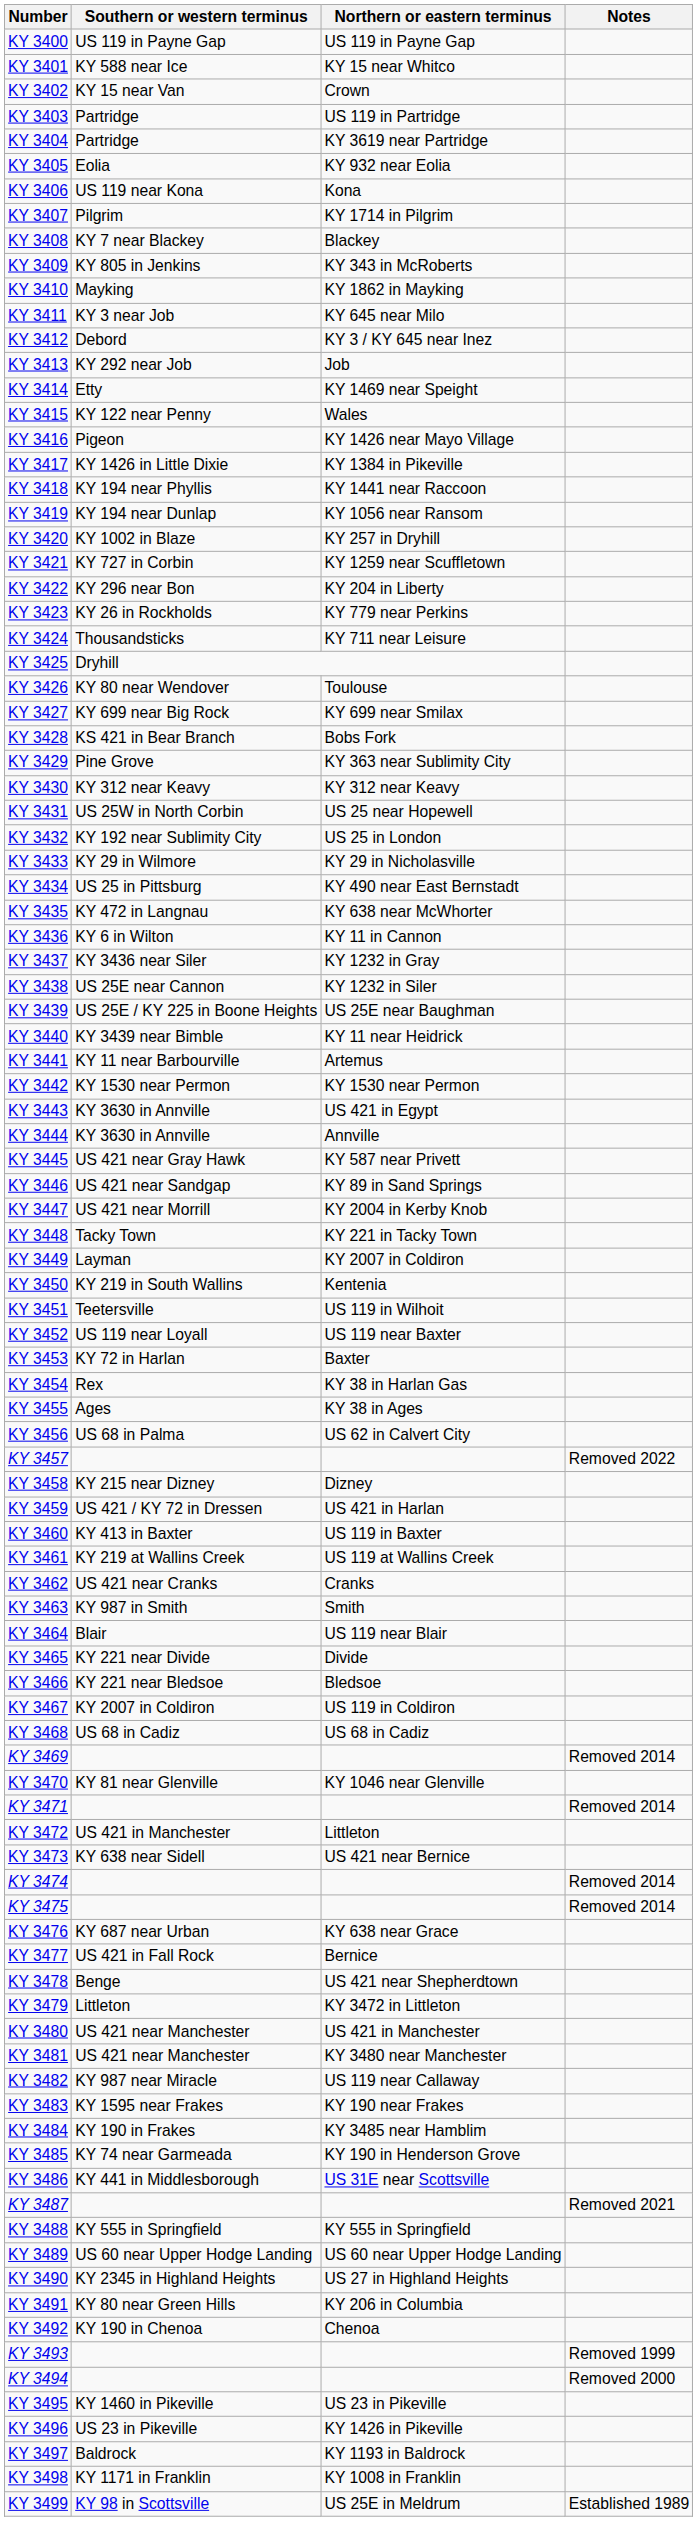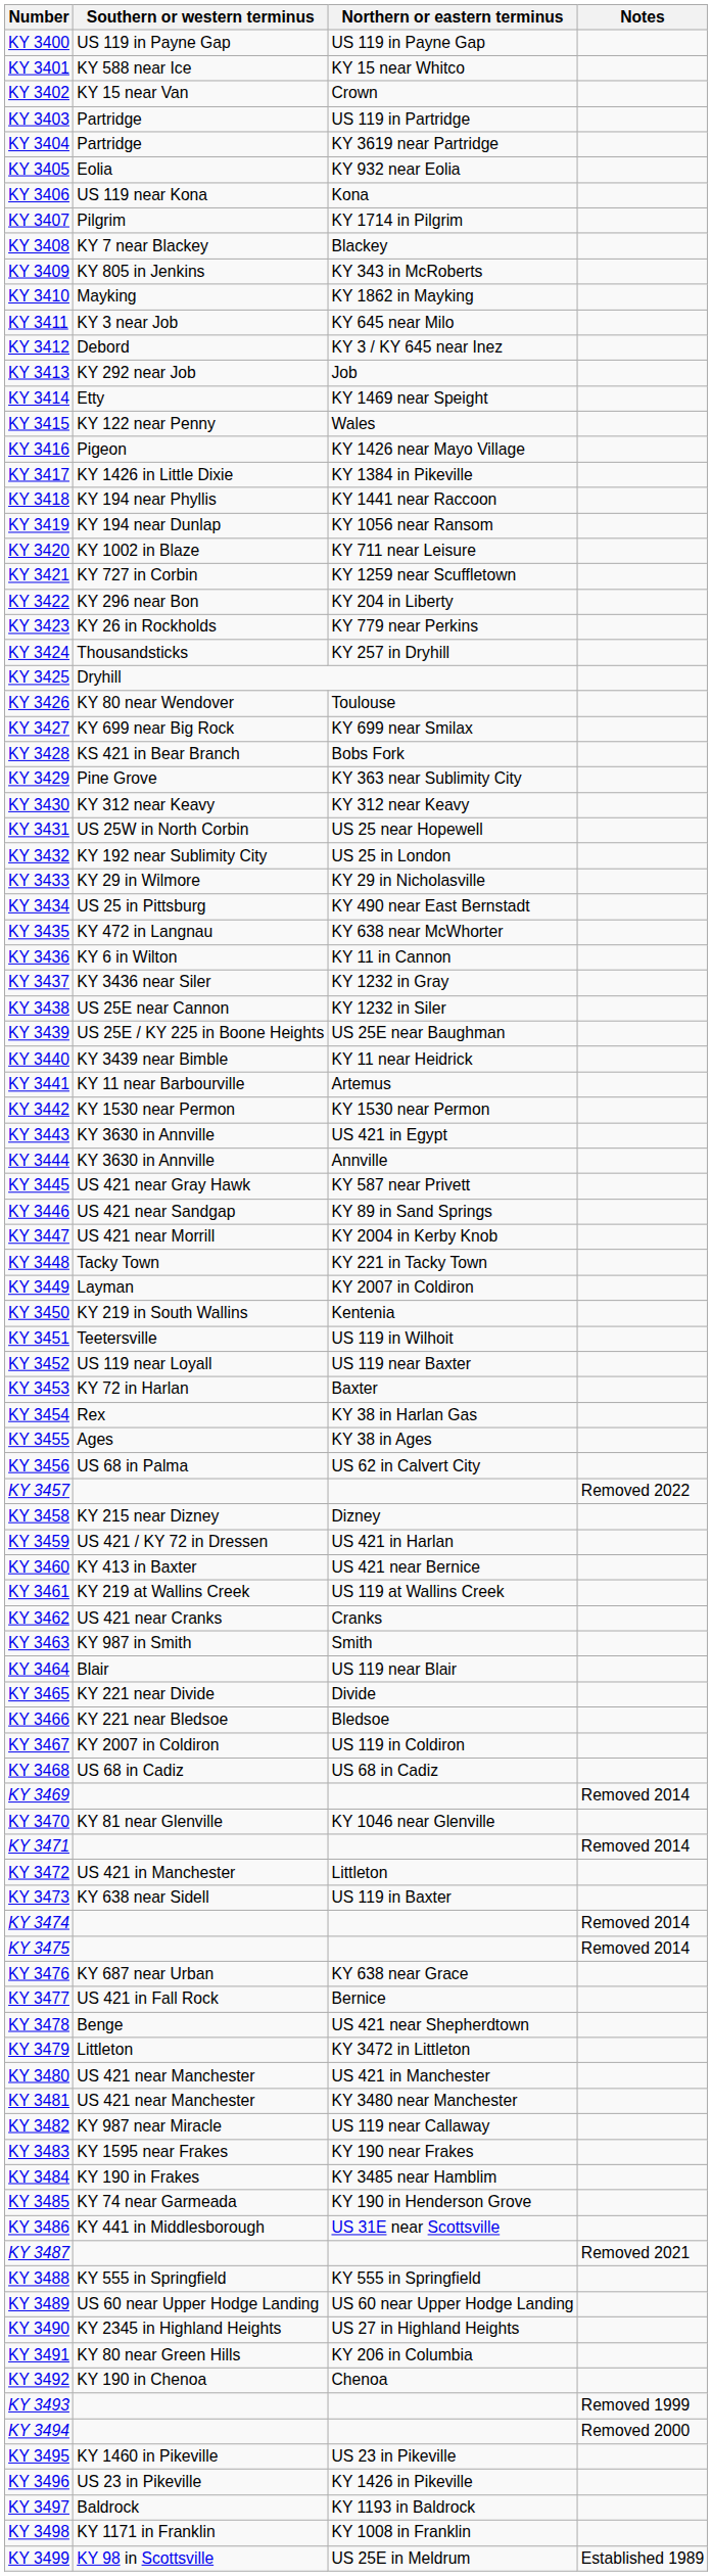 <table class="wikitable sortable mw-collapsible">
 <tr>
 <th>Number</th>
 <th>Southern or western terminus</th>
 <th>Northern or eastern terminus</th>
 <th>Notes</th>
 </tr>
 <tr>
 <td> <a href='#'>KY 3400</a></td>
 <td>US 119 in Payne Gap</td>
 <td>US 119 in Payne Gap</td>
 <td></td>
 </tr>
 <tr>
 <td> <a href='#'>KY 3401</a></td>
 <td>KY 588 near Ice</td>
 <td>KY 15 near Whitco</td>
 <td></td>
 </tr>
 <tr>
 <td> <a href='#'>KY 3402</a></td>
 <td>KY 15 near Van</td>
 <td>Crown</td>
 <td></td>
 </tr>
 <tr>
 <td> <a href='#'>KY 3403</a></td>
 <td>Partridge</td>
 <td>US 119 in Partridge</td>
 <td></td>
 </tr>
 <tr>
 <td> <a href='#'>KY 3404</a></td>
 <td>Partridge</td>
 <td>KY 3619 near Partridge</td>
 <td></td>
 </tr>
 <tr>
 <td> <a href='#'>KY 3405</a></td>
 <td>Eolia</td>
 <td>KY 932 near Eolia</td>
 <td></td>
 </tr>
 <tr>
 <td> <a href='#'>KY 3406</a></td>
 <td>US 119 near Kona</td>
 <td>Kona</td>
 <td></td>
 </tr>
 <tr>
 <td> <a href='#'>KY 3407</a></td>
 <td>Pilgrim</td>
 <td>KY 1714 in Pilgrim</td>
 <td></td>
 </tr>
 <tr>
 <td> <a href='#'>KY 3408</a></td>
 <td>KY 7 near Blackey</td>
 <td>Blackey</td>
 <td></td>
 </tr>
 <tr>
 <td> <a href='#'>KY 3409</a></td>
 <td>KY 805 in Jenkins</td>
 <td>KY 343 in McRoberts</td>
 <td></td>
 </tr>
 <tr>
 <td> <a href='#'>KY 3410</a></td>
 <td>Mayking</td>
 <td>KY 1862 in Mayking</td>
 <td></td>
 </tr>
 <tr>
 <td> <a href='#'>KY 3411</a></td>
 <td>KY 3 near Job</td>
 <td>KY 645 near Milo</td>
 <td></td>
 </tr>
 <tr>
 <td> <a href='#'>KY 3412</a></td>
 <td>Debord</td>
 <td>KY 3 / KY 645 near Inez</td>
 <td></td>
 </tr>
 <tr>
 <td> <a href='#'>KY 3413</a></td>
 <td>KY 292 near Job</td>
 <td>Job</td>
 <td></td>
 </tr>
 <tr>
 <td> <a href='#'>KY 3414</a></td>
 <td>Etty</td>
 <td>KY 1469 near Speight</td>
 <td></td>
 </tr>
 <tr>
 <td> <a href='#'>KY 3415</a></td>
 <td>KY 122 near Penny</td>
 <td>Wales</td>
 <td></td>
 </tr>
 <tr>
 <td> <a href='#'>KY 3416</a></td>
 <td>Pigeon</td>
 <td>KY 1426 near Mayo Village</td>
 <td></td>
 </tr>
 <tr>
 <td> <a href='#'>KY 3417</a></td>
 <td>KY 1426 in Little Dixie</td>
 <td>KY 1384 in Pikeville</td>
 <td></td>
 </tr>
 <tr>
 <td> <a href='#'>KY 3418</a></td>
 <td>KY 194 near Phyllis</td>
 <td>KY 1441 near Raccoon</td>
 <td></td>
 </tr>
 <tr>
 <td> <a href='#'>KY 3419</a></td>
 <td>KY 194 near Dunlap</td>
 <td>KY 1056 near Ransom</td>
 <td></td>
 </tr>
 <tr>
 <td> <a href='#'>KY 3420</a></td>
 <td>KY 1002 in Blaze</td>
-<td>KY 257 in Dryhill</td>
+<td>KY 711 near Leisure</td>
 <td></td>
 </tr>
 <tr>
 <td> <a href='#'>KY 3421</a></td>
 <td>KY 727 in Corbin</td>
 <td>KY 1259 near Scuffletown</td>
 <td></td>
 </tr>
 <tr>
 <td> <a href='#'>KY 3422</a></td>
 <td>KY 296 near Bon</td>
 <td>KY 204 in Liberty</td>
 <td></td>
 </tr>
 <tr>
 <td> <a href='#'>KY 3423</a></td>
 <td>KY 26 in Rockholds</td>
 <td>KY 779 near Perkins</td>
 <td></td>
 </tr>
 <tr>
 <td> <a href='#'>KY 3424</a></td>
 <td>Thousandsticks</td>
-<td>KY 711 near Leisure</td>
+<td>KY 257 in Dryhill</td>
 <td></td>
 </tr>
 <tr>
 <td> <a href='#'>KY 3425</a></td>
 <td colspan="2">Dryhill</td>
 <td></td>
 </tr>
 <tr>
 <td> <a href='#'>KY 3426</a></td>
 <td>KY 80 near Wendover</td>
 <td>Toulouse</td>
 <td></td>
 </tr>
 <tr>
 <td> <a href='#'>KY 3427</a></td>
 <td>KY 699 near Big Rock</td>
 <td>KY 699 near Smilax</td>
 <td></td>
 </tr>
 <tr>
 <td> <a href='#'>KY 3428</a></td>
 <td>KS 421 in Bear Branch</td>
 <td>Bobs Fork</td>
 <td></td>
 </tr>
 <tr>
 <td> <a href='#'>KY 3429</a></td>
 <td>Pine Grove</td>
 <td>KY 363 near Sublimity City</td>
 <td></td>
 </tr>
 <tr>
 <td> <a href='#'>KY 3430</a></td>
 <td>KY 312 near Keavy</td>
 <td>KY 312 near Keavy</td>
 <td></td>
 </tr>
 <tr>
 <td> <a href='#'>KY 3431</a></td>
 <td>US 25W in North Corbin</td>
 <td>US 25 near Hopewell</td>
 <td></td>
 </tr>
 <tr>
 <td> <a href='#'>KY 3432</a></td>
 <td>KY 192 near Sublimity City</td>
 <td>US 25 in London</td>
 <td></td>
 </tr>
 <tr>
 <td> <a href='#'>KY 3433</a></td>
 <td>KY 29 in Wilmore</td>
 <td>KY 29 in Nicholasville</td>
 <td></td>
 </tr>
 <tr>
 <td> <a href='#'>KY 3434</a></td>
 <td>US 25 in Pittsburg</td>
 <td>KY 490 near East Bernstadt</td>
 <td></td>
 </tr>
 <tr>
 <td> <a href='#'>KY 3435</a></td>
 <td>KY 472 in Langnau</td>
 <td>KY 638 near McWhorter</td>
 <td></td>
 </tr>
 <tr>
 <td> <a href='#'>KY 3436</a></td>
 <td>KY 6 in Wilton</td>
 <td>KY 11 in Cannon</td>
 <td></td>
 </tr>
 <tr>
 <td> <a href='#'>KY 3437</a></td>
 <td>KY 3436 near Siler</td>
 <td>KY 1232 in Gray</td>
 <td></td>
 </tr>
 <tr>
 <td> <a href='#'>KY 3438</a></td>
 <td>US 25E near Cannon</td>
 <td>KY 1232 in Siler</td>
 <td></td>
 </tr>
 <tr>
 <td> <a href='#'>KY 3439</a></td>
 <td>US 25E / KY 225 in Boone Heights</td>
 <td>US 25E near Baughman</td>
 <td></td>
 </tr>
 <tr>
 <td> <a href='#'>KY 3440</a></td>
 <td>KY 3439 near Bimble</td>
 <td>KY 11 near Heidrick</td>
 <td></td>
 </tr>
 <tr>
 <td> <a href='#'>KY 3441</a></td>
 <td>KY 11 near Barbourville</td>
 <td>Artemus</td>
 <td></td>
 </tr>
 <tr>
 <td> <a href='#'>KY 3442</a></td>
 <td>KY 1530 near Permon</td>
 <td>KY 1530 near Permon</td>
 <td></td>
 </tr>
 <tr>
 <td> <a href='#'>KY 3443</a></td>
 <td>KY 3630 in Annville</td>
 <td>US 421 in Egypt</td>
 <td></td>
 </tr>
 <tr>
 <td> <a href='#'>KY 3444</a></td>
 <td>KY 3630 in Annville</td>
 <td>Annville</td>
 <td></td>
 </tr>
 <tr>
 <td> <a href='#'>KY 3445</a></td>
 <td>US 421 near Gray Hawk</td>
 <td>KY 587 near Privett</td>
 <td></td>
 </tr>
 <tr>
 <td> <a href='#'>KY 3446</a></td>
 <td>US 421 near Sandgap</td>
 <td>KY 89 in Sand Springs</td>
 <td></td>
 </tr>
 <tr>
 <td> <a href='#'>KY 3447</a></td>
 <td>US 421 near Morrill</td>
 <td>KY 2004 in Kerby Knob</td>
 <td></td>
 </tr>
 <tr>
 <td> <a href='#'>KY 3448</a></td>
 <td>Tacky Town</td>
 <td>KY 221 in Tacky Town</td>
 <td></td>
 </tr>
 <tr>
 <td> <a href='#'>KY 3449</a></td>
 <td>Layman</td>
 <td>KY 2007 in Coldiron</td>
 <td></td>
 </tr>
 <tr>
 <td> <a href='#'>KY 3450</a></td>
 <td>KY 219 in South Wallins</td>
 <td>Kentenia</td>
 <td></td>
 </tr>
 <tr>
 <td> <a href='#'>KY 3451</a></td>
 <td>Teetersville</td>
 <td>US 119 in Wilhoit</td>
 <td></td>
 </tr>
 <tr>
 <td> <a href='#'>KY 3452</a></td>
 <td>US 119 near Loyall</td>
 <td>US 119 near Baxter</td>
 <td></td>
 </tr>
 <tr>
 <td> <a href='#'>KY 3453</a></td>
 <td>KY 72 in Harlan</td>
 <td>Baxter</td>
 <td></td>
 </tr>
 <tr>
 <td> <a href='#'>KY 3454</a></td>
 <td>Rex</td>
 <td>KY 38 in Harlan Gas</td>
 <td></td>
 </tr>
 <tr>
 <td> <a href='#'>KY 3455</a></td>
 <td>Ages</td>
 <td>KY 38 in Ages</td>
 <td></td>
 </tr>
 <tr>
 <td> <a href='#'>KY 3456</a></td>
 <td>US 68 in Palma</td>
 <td>US 62 in Calvert City</td>
 <td></td>
 </tr>
 <tr>
 <td><em> <a href='#'>KY 3457</a></em></td>
 <td></td>
 <td></td>
 <td>Removed 2022</td>
 </tr>
 <tr>
 <td> <a href='#'>KY 3458</a></td>
 <td>KY 215 near Dizney</td>
 <td>Dizney</td>
 <td></td>
 </tr>
 <tr>
 <td> <a href='#'>KY 3459</a></td>
 <td>US 421 / KY 72 in Dressen</td>
 <td>US 421 in Harlan</td>
 <td></td>
 </tr>
 <tr>
 <td> <a href='#'>KY 3460</a></td>
 <td>KY 413 in Baxter</td>
-<td>US 119 in Baxter</td>
+<td>US 421 near Bernice</td>
 <td></td>
 </tr>
 <tr>
 <td> <a href='#'>KY 3461</a></td>
 <td>KY 219 at Wallins Creek</td>
 <td>US 119 at Wallins Creek</td>
 <td></td>
 </tr>
 <tr>
 <td> <a href='#'>KY 3462</a></td>
 <td>US 421 near Cranks</td>
 <td>Cranks</td>
 <td></td>
 </tr>
 <tr>
 <td> <a href='#'>KY 3463</a></td>
 <td>KY 987 in Smith</td>
 <td>Smith</td>
 <td></td>
 </tr>
 <tr>
 <td> <a href='#'>KY 3464</a></td>
 <td>Blair</td>
 <td>US 119 near Blair</td>
 <td></td>
 </tr>
 <tr>
 <td> <a href='#'>KY 3465</a></td>
 <td>KY 221 near Divide</td>
 <td>Divide</td>
 <td></td>
 </tr>
 <tr>
 <td> <a href='#'>KY 3466</a></td>
 <td>KY 221 near Bledsoe</td>
 <td>Bledsoe</td>
 <td></td>
 </tr>
 <tr>
 <td> <a href='#'>KY 3467</a></td>
 <td>KY 2007 in Coldiron</td>
 <td>US 119 in Coldiron</td>
 <td></td>
 </tr>
 <tr>
 <td> <a href='#'>KY 3468</a></td>
 <td>US 68 in Cadiz</td>
 <td>US 68 in Cadiz</td>
 <td></td>
 </tr>
 <tr>
 <td><em> <a href='#'>KY 3469</a></em></td>
 <td></td>
 <td></td>
 <td>Removed 2014</td>
 </tr>
 <tr>
 <td> <a href='#'>KY 3470</a></td>
 <td>KY 81 near Glenville</td>
 <td>KY 1046 near Glenville</td>
 <td></td>
 </tr>
 <tr>
 <td><em> <a href='#'>KY 3471</a></em></td>
 <td></td>
 <td></td>
 <td>Removed 2014</td>
 </tr>
 <tr>
 <td> <a href='#'>KY 3472</a></td>
 <td>US 421 in Manchester</td>
 <td>Littleton</td>
 <td></td>
 </tr>
 <tr>
 <td> <a href='#'>KY 3473</a></td>
 <td>KY 638 near Sidell</td>
-<td>US 421 near Bernice</td>
+<td>US 119 in Baxter</td>
 <td></td>
 </tr>
 <tr>
 <td><em> <a href='#'>KY 3474</a></em></td>
 <td></td>
 <td></td>
 <td>Removed 2014</td>
 </tr>
 <tr>
 <td><em> <a href='#'>KY 3475</a></em></td>
 <td></td>
 <td></td>
 <td>Removed 2014</td>
 </tr>
 <tr>
 <td> <a href='#'>KY 3476</a></td>
 <td>KY 687 near Urban</td>
 <td>KY 638 near Grace</td>
 <td></td>
 </tr>
 <tr>
 <td> <a href='#'>KY 3477</a></td>
 <td>US 421 in Fall Rock</td>
 <td>Bernice</td>
 <td></td>
 </tr>
 <tr>
 <td> <a href='#'>KY 3478</a></td>
 <td>Benge</td>
 <td>US 421 near Shepherdtown</td>
 <td></td>
 </tr>
 <tr>
 <td> <a href='#'>KY 3479</a></td>
 <td>Littleton</td>
 <td>KY 3472 in Littleton</td>
 <td></td>
 </tr>
 <tr>
 <td> <a href='#'>KY 3480</a></td>
 <td>US 421 near Manchester</td>
 <td>US 421 in Manchester</td>
 <td></td>
 </tr>
 <tr>
 <td> <a href='#'>KY 3481</a></td>
 <td>US 421 near Manchester</td>
 <td>KY 3480 near Manchester</td>
 <td></td>
 </tr>
 <tr>
 <td> <a href='#'>KY 3482</a></td>
 <td>KY 987 near Miracle</td>
 <td>US 119 near Callaway</td>
 <td></td>
 </tr>
 <tr>
 <td> <a href='#'>KY 3483</a></td>
 <td>KY 1595 near Frakes</td>
 <td>KY 190 near Frakes</td>
 <td></td>
 </tr>
 <tr>
 <td> <a href='#'>KY 3484</a></td>
 <td>KY 190 in Frakes</td>
 <td>KY 3485 near Hamblim</td>
 <td></td>
 </tr>
 <tr>
 <td> <a href='#'>KY 3485</a></td>
 <td>KY 74 near Garmeada</td>
 <td>KY 190 in Henderson Grove</td>
 <td></td>
 </tr>
 <tr>
 <td> <a href='#'>KY 3486</a></td>
 <td>KY 441 in Middlesborough</td>
 <td><a href='#'>US 31E</a> near <a href='#'>Scottsville</a></td>
 <td></td>
 </tr>
 <tr>
 <td> <em><a href='#'>KY 3487</a></em></td>
 <td></td>
 <td></td>
 <td>Removed 2021</td>
 </tr>
 <tr>
 <td> <a href='#'>KY 3488</a></td>
 <td>KY 555 in Springfield</td>
 <td>KY 555 in Springfield</td>
 <td></td>
 </tr>
 <tr>
 <td> <a href='#'>KY 3489</a></td>
 <td>US 60 near Upper Hodge Landing</td>
 <td>US 60 near Upper Hodge Landing</td>
 <td></td>
 </tr>
 <tr>
 <td> <a href='#'>KY 3490</a></td>
 <td>KY 2345 in Highland Heights</td>
 <td>US 27 in Highland Heights</td>
 <td></td>
 </tr>
 <tr>
 <td> <a href='#'>KY 3491</a></td>
 <td>KY 80 near Green Hills</td>
 <td>KY 206 in Columbia</td>
 <td></td>
 </tr>
 <tr>
 <td> <a href='#'>KY 3492</a></td>
 <td>KY 190 in Chenoa</td>
 <td>Chenoa</td>
 <td></td>
 </tr>
 <tr>
 <td><em> <a href='#'>KY 3493</a></em></td>
 <td></td>
 <td></td>
 <td>Removed 1999</td>
 </tr>
 <tr>
 <td><em> <a href='#'>KY 3494</a></em></td>
 <td></td>
 <td></td>
 <td>Removed 2000</td>
 </tr>
 <tr>
 <td> <a href='#'>KY 3495</a></td>
 <td>KY 1460 in Pikeville</td>
 <td>US 23 in Pikeville</td>
 <td></td>
 </tr>
 <tr>
 <td> <a href='#'>KY 3496</a></td>
 <td>US 23 in Pikeville</td>
 <td>KY 1426 in Pikeville</td>
 <td></td>
 </tr>
 <tr>
 <td> <a href='#'>KY 3497</a></td>
 <td>Baldrock</td>
 <td>KY 1193 in Baldrock</td>
 <td></td>
 </tr>
 <tr>
 <td> <a href='#'>KY 3498</a></td>
 <td>KY 1171 in Franklin</td>
 <td>KY 1008 in Franklin</td>
 <td></td>
 </tr>
 <tr>
 <td> <a href='#'>KY 3499</a></td>
 <td><a href='#'>KY 98</a> in <a href='#'>Scottsville</a></td>
 <td>US 25E in Meldrum</td>
 <td>Established 1989</td>
 </tr>
 </table>
